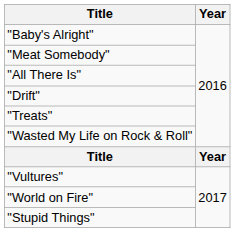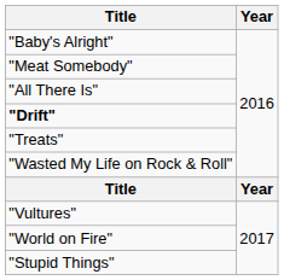 <table class="wikitable">
 <tr>
 <th>Title</th>
 <th>Year</th>
 </tr>
 <tr>
 <td>"Baby's Alright"</td>
 <td rowspan=6>2016</td>
 </tr>
 <tr>
 <td>"Meat Somebody"</td>
 </tr>
 <tr>
 <td>"All There Is"</td>
 </tr>
 <tr>
-<td>"Drift"</td>
+<td><strong>"Drift"</strong></td>
 </tr>
 <tr>
 <td>"Treats"</td>
 </tr>
 <tr>
 <td>"Wasted My Life on Rock & Roll"</td>
 </tr>
 <tr>
 <th>Title</th>
 <th>Year</th>
 </tr>
 <tr>
 <td>"Vultures"</td>
 <td rowspan=5>2017</td>
 </tr>
 <tr>
 <td>"World on Fire"</td>
 </tr>
 <tr>
 <td>"Stupid Things"</td>
 </tr>
 </table>
